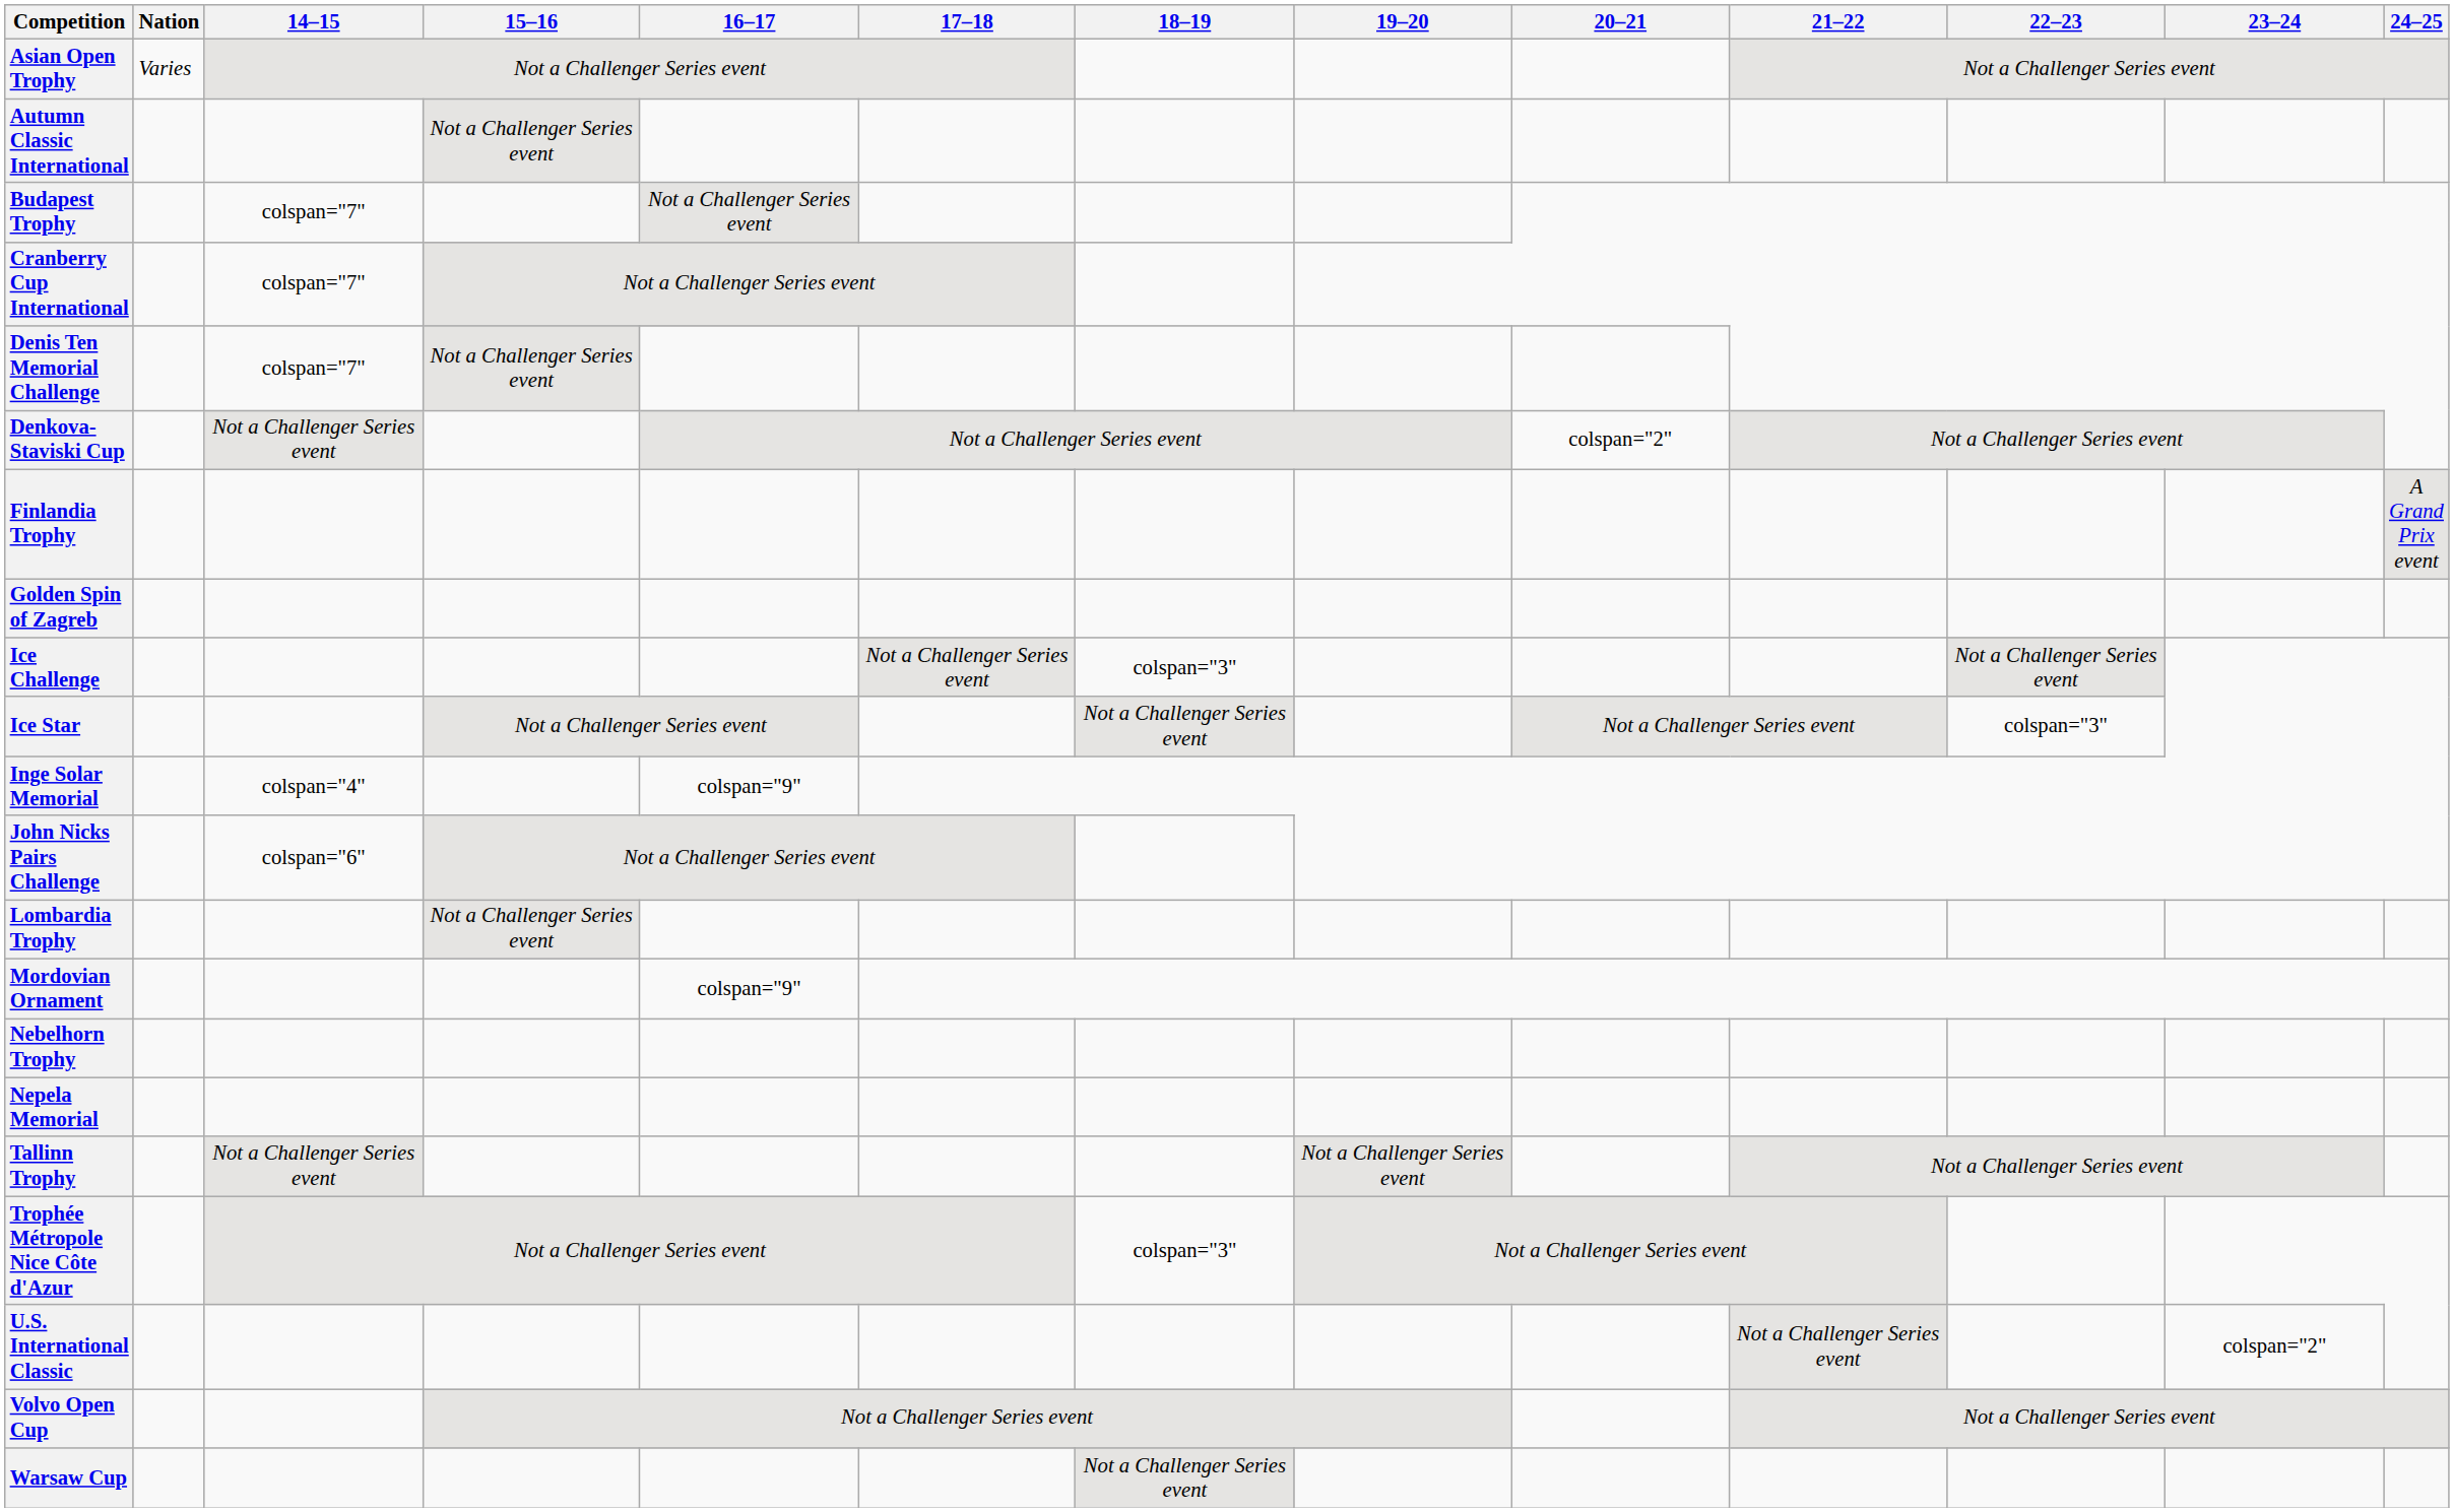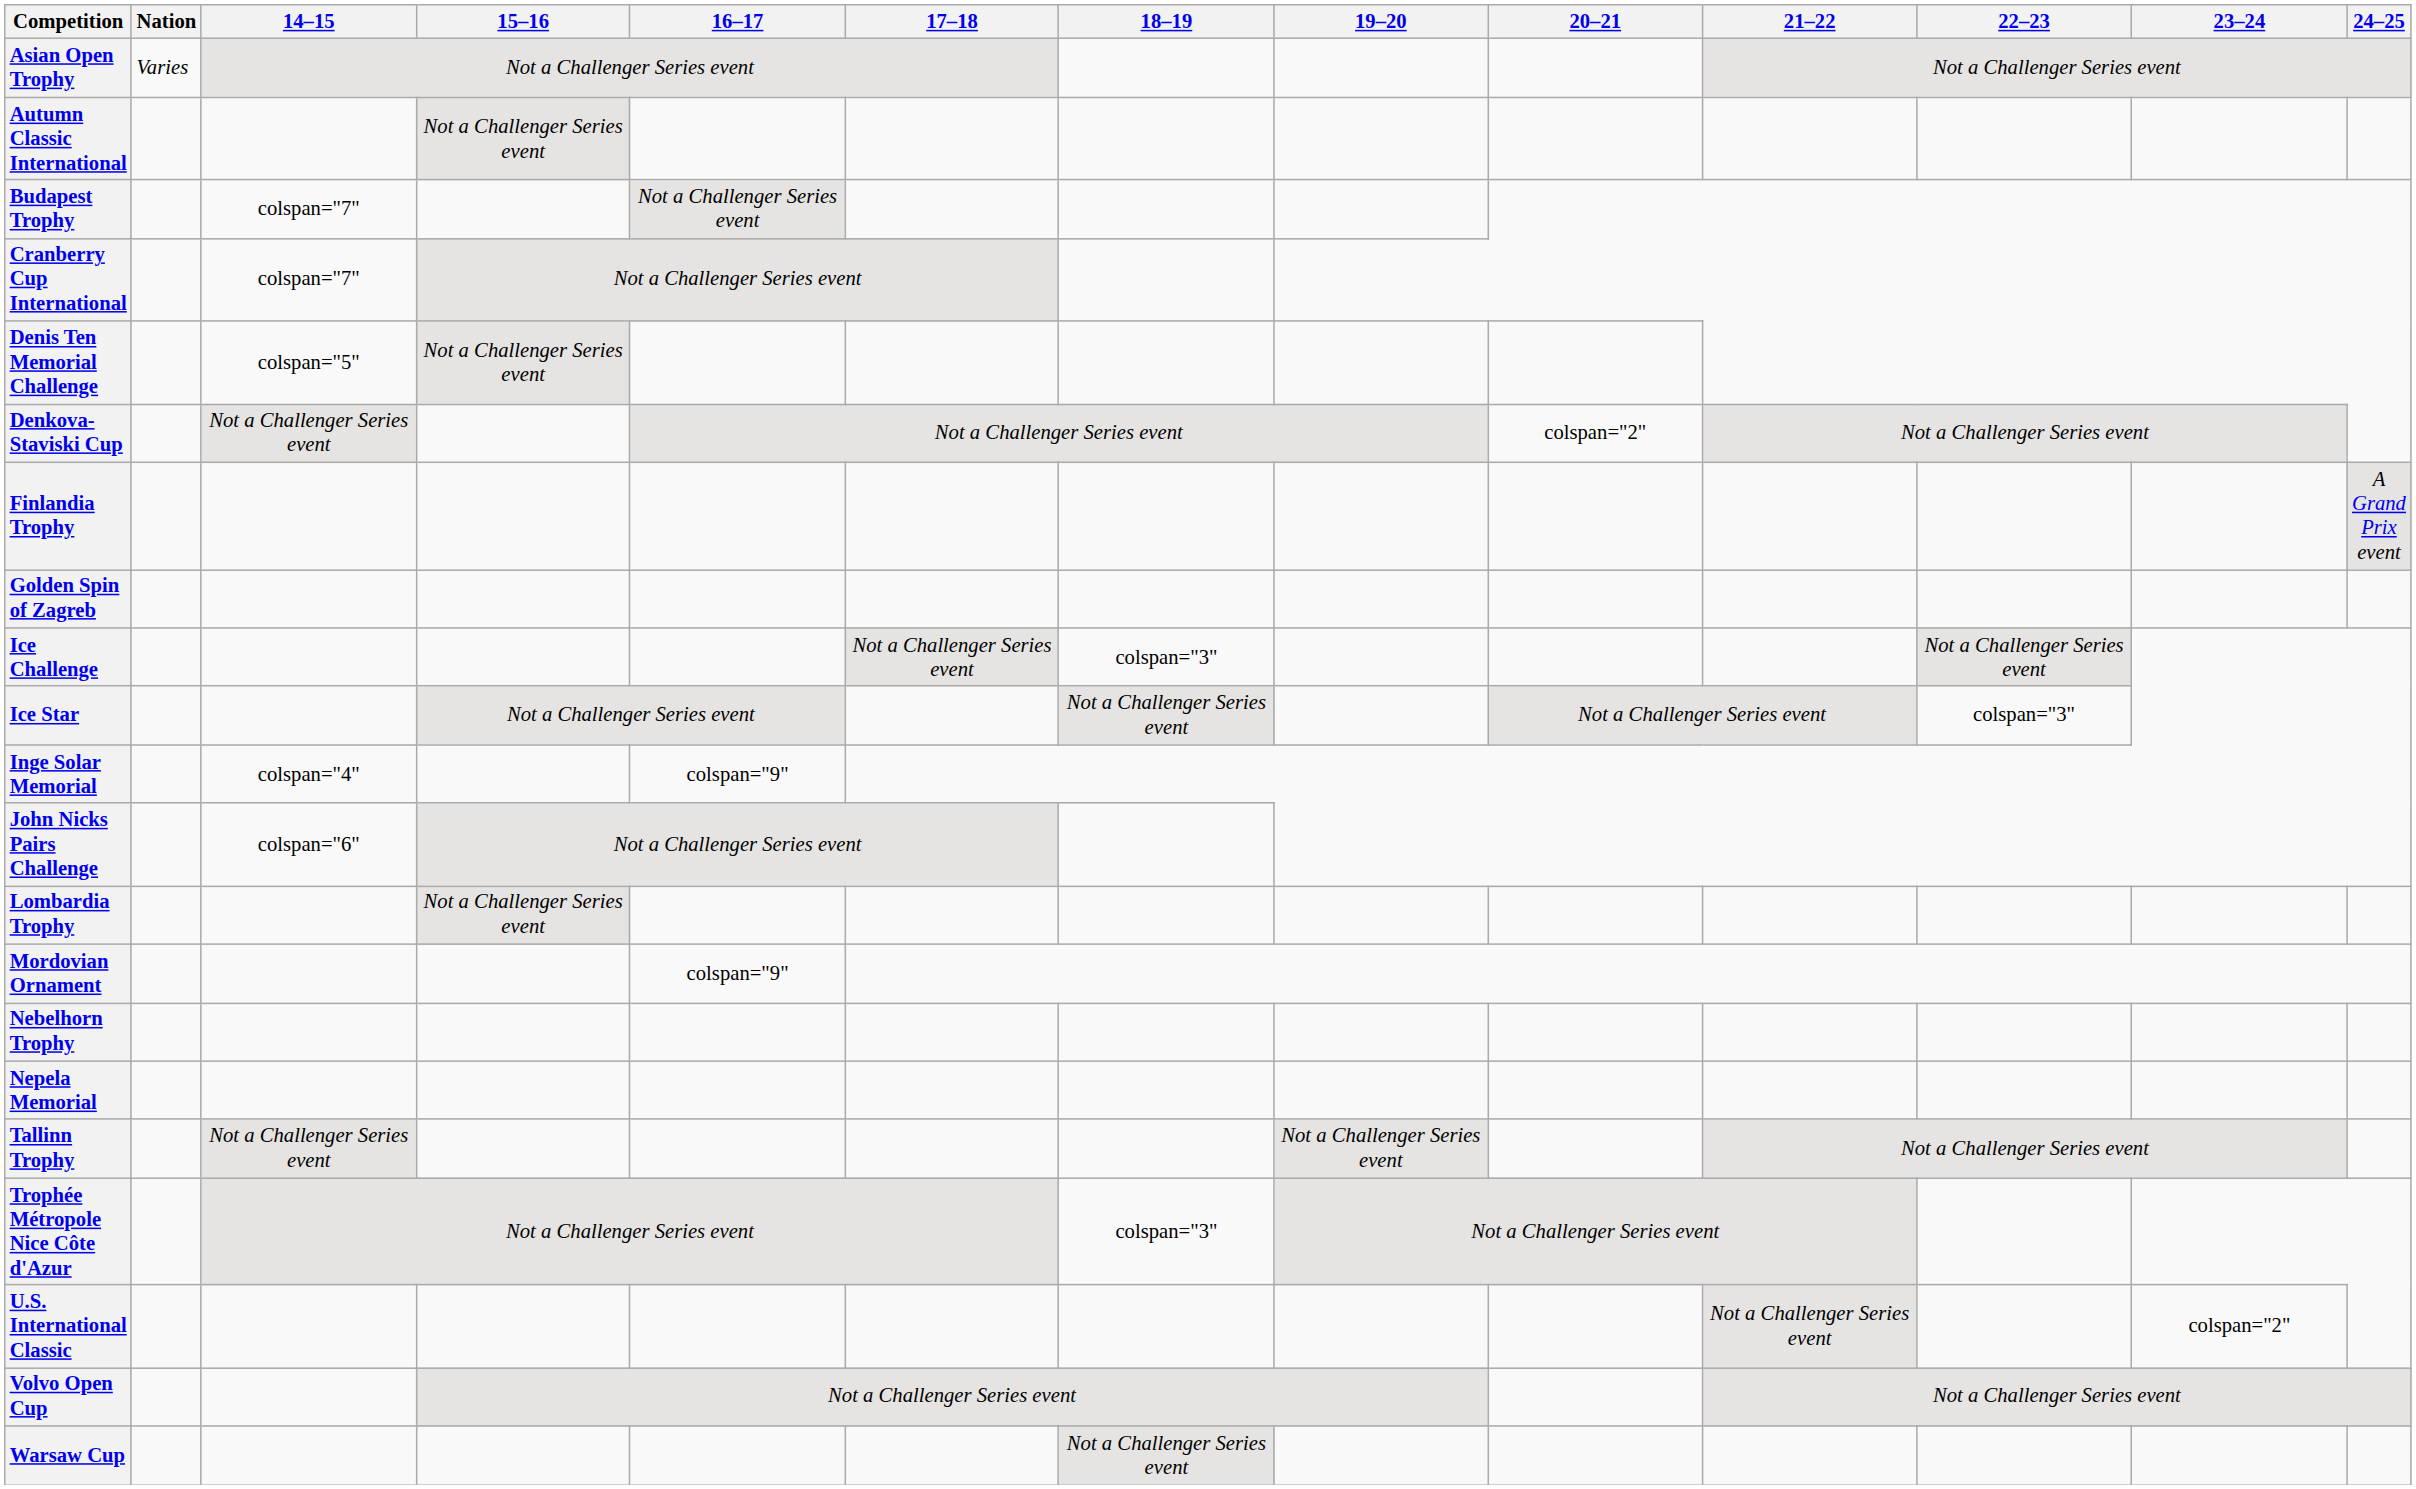 <table class="wikitable unsortable" colspan="7" style="text-align:center; font-size:85%; width:100%;">
 <tr>
 <th scope="col">Competition</th>
 <th scope="col">Nation</th>
 <th scope="col" style="width:10%"><a href='#'>14–15</a></th>
 <th scope="col" style="width:10%"><a href='#'>15–16</a></th>
 <th scope="col" style="width:10%"><a href='#'>16–17</a></th>
 <th scope="col" style="width:10%"><a href='#'>17–18</a></th>
 <th scope="col" style="width:10%"><a href='#'>18–19</a></th>
 <th scope="col" style="width:10%"><a href='#'>19–20</a></th>
 <th scope="col" style="width:10%"><a href='#'>20–21</a></th>
 <th scope="col" style="width:10%"><a href='#'>21–22</a></th>
 <th scope="col" style="width:10%"><a href='#'>22–23</a></th>
 <th scope="col" style="width:10%"><a href='#'>23–24</a></th>
 <th scope="col" style="width:10%"><a href='#'>24–25</a></th>
 </tr>
 <tr>
 <th scope="row" style="text-align:left"><a href='#'>Asian Open Trophy</a></th>
 <td style="text-align:left"><em>Varies</em></td>
 <td colspan="4" bgcolor="e5e4e2"><em>Not a Challenger Series event</em></td>
 <td></td>
 <td></td>
 <td></td>
 <td colspan="4" bgcolor="e5e4e2"><em>Not a Challenger Series event</em></td>
 </tr>
 <tr>
 <th scope="row" style="text-align:left"><a href='#'>Autumn Classic International</a></th>
 <td style="text-align:left"></td>
 <td></td>
 <td bgcolor="e5e4e2"><em>Not a Challenger Series event</em></td>
 <td></td>
 <td></td>
 <td></td>
 <td></td>
 <td></td>
 <td></td>
 <td></td>
 <td></td>
 <td></td>
 </tr>
 <tr>
 <th scope="row" style="text-align:left"><a href='#'>Budapest Trophy</a></th>
 <td style="text-align:left"></td>
 <td>colspan="7" </td>
 <td></td>
 <td bgcolor="e5e4e2"><em>Not a Challenger Series event</em></td>
 <td></td>
 <td></td>
 <td></td>
 </tr>
 <tr>
 <th scope="row" style="text-align:left"><a href='#'>Cranberry Cup International</a></th>
 <td style="text-align:left"></td>
 <td>colspan="7" </td>
 <td colspan="3" bgcolor="e5e4e2"><em>Not a Challenger Series event</em></td>
 <td></td>
 </tr>
 <tr>
 <th scope="row" style="text-align:left"><a href='#'>Denis Ten Memorial Challenge</a></th>
 <td style="text-align:left"></td>
-<td>colspan="7" </td>
+<td>colspan="5" </td>
 <td bgcolor="e5e4e2"><em>Not a Challenger Series event</em></td>
 <td></td>
 <td></td>
 <td></td>
 <td></td>
 <td></td>
 </tr>
 <tr>
 <th scope="row" style="text-align:left"><a href='#'>Denkova-Staviski Cup</a></th>
 <td style="text-align:left"></td>
 <td bgcolor="e5e4e2"><em>Not a Challenger Series event</em></td>
 <td></td>
 <td colspan="4" bgcolor="e5e4e2"><em>Not a Challenger Series event</em></td>
 <td>colspan="2" </td>
 <td colspan="3" bgcolor="e5e4e2"><em>Not a Challenger Series event</em></td>
 </tr>
 <tr>
 <th scope="row" style="text-align:left"><a href='#'>Finlandia Trophy</a></th>
 <td style="text-align:left"></td>
 <td></td>
 <td></td>
 <td></td>
 <td></td>
 <td></td>
 <td></td>
 <td></td>
 <td></td>
 <td></td>
 <td></td>
 <td bgcolor="e5e4e2"><em>A <a href='#'>Grand Prix</a> event</em></td>
 </tr>
 <tr>
 <th scope="row" style="text-align:left"><a href='#'>Golden Spin of Zagreb</a></th>
 <td style="text-align:left"></td>
 <td></td>
 <td></td>
 <td></td>
 <td></td>
 <td></td>
 <td></td>
 <td></td>
 <td></td>
 <td></td>
 <td></td>
 <td></td>
 </tr>
 <tr>
 <th scope="row" style="text-align:left"><a href='#'>Ice Challenge</a></th>
 <td style="text-align:left"></td>
 <td></td>
 <td></td>
 <td></td>
 <td bgcolor="e5e4e2"><em>Not a Challenger Series event</em></td>
 <td>colspan="3" </td>
 <td></td>
 <td></td>
 <td></td>
 <td bgcolor="e5e4e2"><em>Not a Challenger Series event</em></td>
 </tr>
 <tr>
 <th scope="row" style="text-align:left"><a href='#'>Ice Star</a></th>
 <td style="text-align:left"></td>
 <td></td>
 <td colspan="2" bgcolor="e5e4e2"><em>Not a Challenger Series event</em></td>
 <td></td>
 <td bgcolor="e5e4e2"><em>Not a Challenger Series event</em></td>
 <td></td>
 <td colspan="2" bgcolor="e5e4e2"><em>Not a Challenger Series event</em></td>
 <td>colspan="3" </td>
 </tr>
 <tr>
 <th scope="row" style="text-align:left"><a href='#'>Inge Solar Memorial</a></th>
 <td style="text-align:left"></td>
 <td>colspan="4" </td>
 <td></td>
 <td>colspan="9" </td>
 </tr>
 <tr>
 <th scope="row" style="text-align:left"><a href='#'>John Nicks Pairs Challenge</a></th>
 <td style="text-align:left"></td>
 <td>colspan="6" </td>
 <td colspan="3" bgcolor="e5e4e2"><em>Not a Challenger Series event</em></td>
 <td></td>
 </tr>
 <tr>
 <th scope="row" style="text-align:left"><a href='#'>Lombardia Trophy</a></th>
 <td style="text-align:left"></td>
 <td></td>
 <td bgcolor="e5e4e2"><em>Not a Challenger Series event</em></td>
 <td></td>
 <td></td>
 <td></td>
 <td></td>
 <td></td>
 <td></td>
 <td></td>
 <td></td>
 <td></td>
 </tr>
 <tr>
 <th scope="row" style="text-align:left"><a href='#'>Mordovian Ornament</a></th>
 <td style="text-align:left"></td>
 <td></td>
 <td></td>
 <td>colspan="9" </td>
 </tr>
 <tr>
 <th scope="row" style="text-align:left"><a href='#'>Nebelhorn Trophy</a></th>
 <td style="text-align:left"></td>
 <td></td>
 <td></td>
 <td></td>
 <td></td>
 <td></td>
 <td></td>
 <td></td>
 <td></td>
 <td></td>
 <td></td>
 <td></td>
 </tr>
 <tr>
 <th scope="row" style="text-align:left"><a href='#'>Nepela Memorial</a></th>
 <td style="text-align:left"></td>
 <td></td>
 <td></td>
 <td></td>
 <td></td>
 <td></td>
 <td></td>
 <td></td>
 <td></td>
 <td></td>
 <td></td>
 <td></td>
 </tr>
 <tr>
 <th scope="row" style="text-align:left"><a href='#'>Tallinn Trophy</a></th>
 <td style="text-align:left"></td>
 <td bgcolor="e5e4e2"><em>Not a Challenger Series event</em></td>
 <td></td>
 <td></td>
 <td></td>
 <td></td>
 <td bgcolor="e5e4e2"><em>Not a Challenger Series event</em></td>
 <td></td>
 <td colspan="3" bgcolor="e5e4e2"><em>Not a Challenger Series event</em></td>
 <td></td>
 </tr>
 <tr>
 <th scope="row" style="text-align:left"><a href='#'>Trophée Métropole Nice Côte d'Azur</a></th>
 <td style="text-align:left"></td>
 <td colspan="4" bgcolor="e5e4e2"><em>Not a Challenger Series event</em></td>
 <td>colspan="3" </td>
 <td colspan="3" bgcolor="e5e4e2"><em>Not a Challenger Series event</em></td>
 <td></td>
 </tr>
 <tr>
 <th scope="row" style="text-align:left"><a href='#'>U.S. International Classic</a></th>
 <td style="text-align:left"></td>
 <td></td>
 <td></td>
 <td></td>
 <td></td>
 <td></td>
 <td></td>
 <td></td>
 <td bgcolor="e5e4e2"><em>Not a Challenger Series event</em></td>
 <td></td>
 <td>colspan="2" </td>
 </tr>
 <tr>
 <th scope="row" style="text-align:left"><a href='#'>Volvo Open Cup</a></th>
 <td style="text-align:left"></td>
 <td></td>
 <td colspan="5" bgcolor="e5e4e2"><em>Not a Challenger Series event</em></td>
 <td></td>
 <td colspan="4" bgcolor="e5e4e2"><em>Not a Challenger Series event</em></td>
 </tr>
 <tr>
 <th scope="row" style="text-align:left"><a href='#'>Warsaw Cup</a></th>
 <td style="text-align:left"></td>
 <td></td>
 <td></td>
 <td></td>
 <td></td>
 <td bgcolor="e5e4e2"><em>Not a Challenger Series event</em></td>
 <td></td>
 <td></td>
 <td></td>
 <td></td>
 <td></td>
 <td></td>
 </tr>
 </table>
